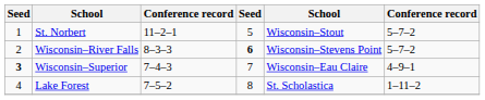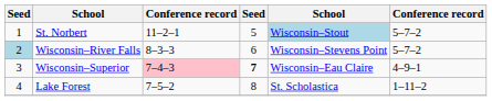 <table class="wikitable">
 <tr>
 <th>Seed</th>
 <th>School</th>
 <th>Conference record</th>
 <th>Seed</th>
 <th>School</th>
 <th>Conference record</th>
 </tr>
 <tr>
 <td align=center>1</td>
 <td><a href='#'>St. Norbert</a></td>
 <td>11–2–1</td>
 <td align=center>5</td>
-<td><a href='#'>Wisconsin–Stout</a></td>
+<td style="background: lightblue;"><a href='#'>Wisconsin–Stout</a></td>
 <td>5–7–2</td>
 </tr>
 <tr>
-<td align=center>2</td>
+<td align=center style="background: lightblue;">2</td>
 <td><a href='#'>Wisconsin–River Falls</a></td>
 <td>8–3–3</td>
-<td align=center><strong>6</strong></td>
+<td align=center>6</td>
 <td><a href='#'>Wisconsin–Stevens Point</a></td>
 <td>5–7–2</td>
 </tr>
 <tr>
-<td align=center><strong>3</strong></td>
+<td align=center>3</td>
 <td><a href='#'>Wisconsin–Superior</a></td>
-<td>7–4–3</td>
-<td align=center>7</td>
+<td style="background: pink;">7–4–3</td>
+<td align=center><strong>7</strong></td>
 <td><a href='#'>Wisconsin–Eau Claire</a></td>
 <td>4–9–1</td>
 </tr>
 <tr>
 <td align=center>4</td>
 <td><a href='#'>Lake Forest</a></td>
 <td>7–5–2</td>
 <td align=center>8</td>
 <td><a href='#'>St. Scholastica</a></td>
 <td>1–11–2</td>
 </tr>
 <tr>
 </tr>
 </table>
